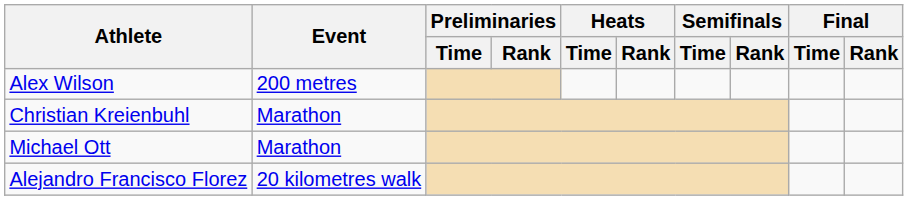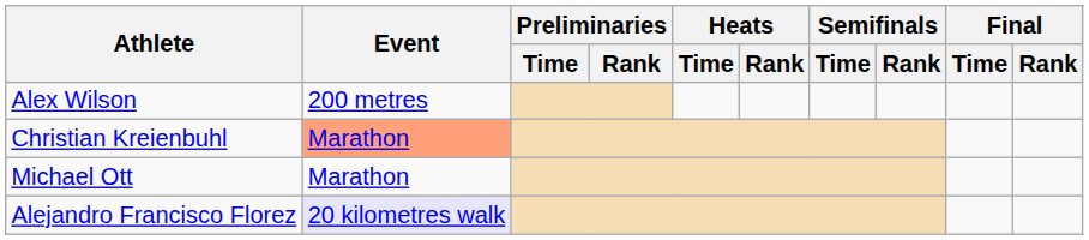 <table class=wikitable style="font-size:90%;">
 <tr>
 <th rowspan="2">Athlete</th>
 <th rowspan="2">Event</th>
 <th colspan="2">Preliminaries</th>
 <th colspan="2">Heats</th>
 <th colspan="2">Semifinals</th>
 <th colspan="2">Final</th>
 </tr>
 <tr>
 <th>Time</th>
 <th>Rank</th>
 <th>Time</th>
 <th>Rank</th>
 <th>Time</th>
 <th>Rank</th>
 <th>Time</th>
 <th>Rank</th>
 </tr>
 <tr style="border-top: single;">
 <td><a href='#'>Alex Wilson</a></td>
 <td><a href='#'>200 metres</a></td>
 <td colspan= 2 bgcolor="wheat"></td>
 <td align=center></td>
 <td align=center></td>
 <td align=center></td>
 <td align=center></td>
 <td align=center></td>
 <td align=center></td>
 </tr>
 <tr style="border-top: single;">
 <td><a href='#'>Christian Kreienbuhl</a></td>
-<td><a href='#'>Marathon</a></td>
+<td style="background: lightsalmon;"><a href='#'>Marathon</a></td>
 <td colspan= 6 bgcolor="wheat"></td>
 <td align=center></td>
 <td align=center></td>
 </tr>
 <tr style="border-top: single;">
 <td><a href='#'>Michael Ott</a></td>
 <td><a href='#'>Marathon</a></td>
 <td colspan= 6 bgcolor="wheat"></td>
 <td align=center></td>
 <td align=center></td>
 </tr>
 <tr style="border-top: single;">
 <td><a href='#'>Alejandro Francisco Florez</a></td>
-<td><a href='#'>20 kilometres walk</a></td>
+<td style="background: lavender;"><a href='#'>20 kilometres walk</a></td>
 <td colspan= 6 bgcolor="wheat"></td>
 <td align=center></td>
 <td align=center></td>
 </tr>
 </table>
